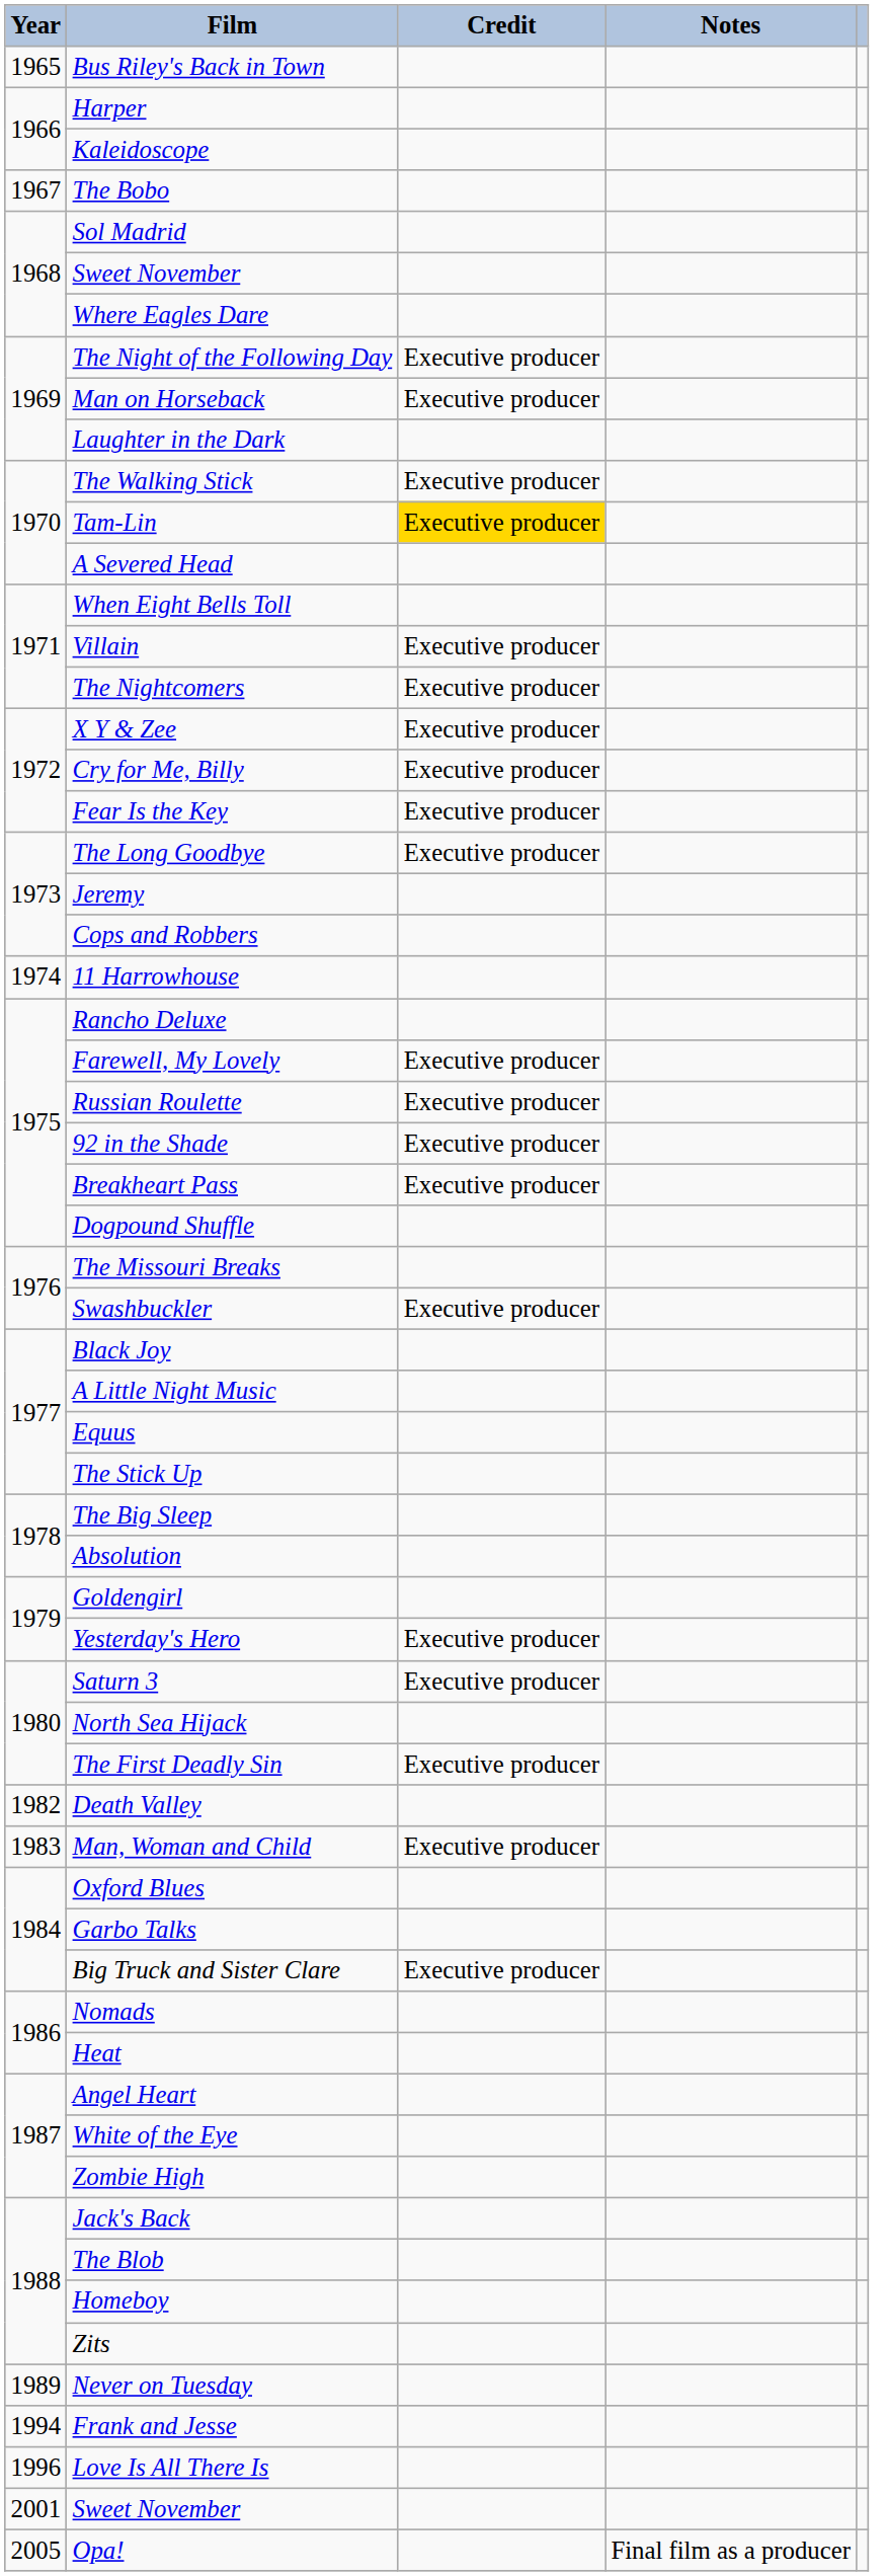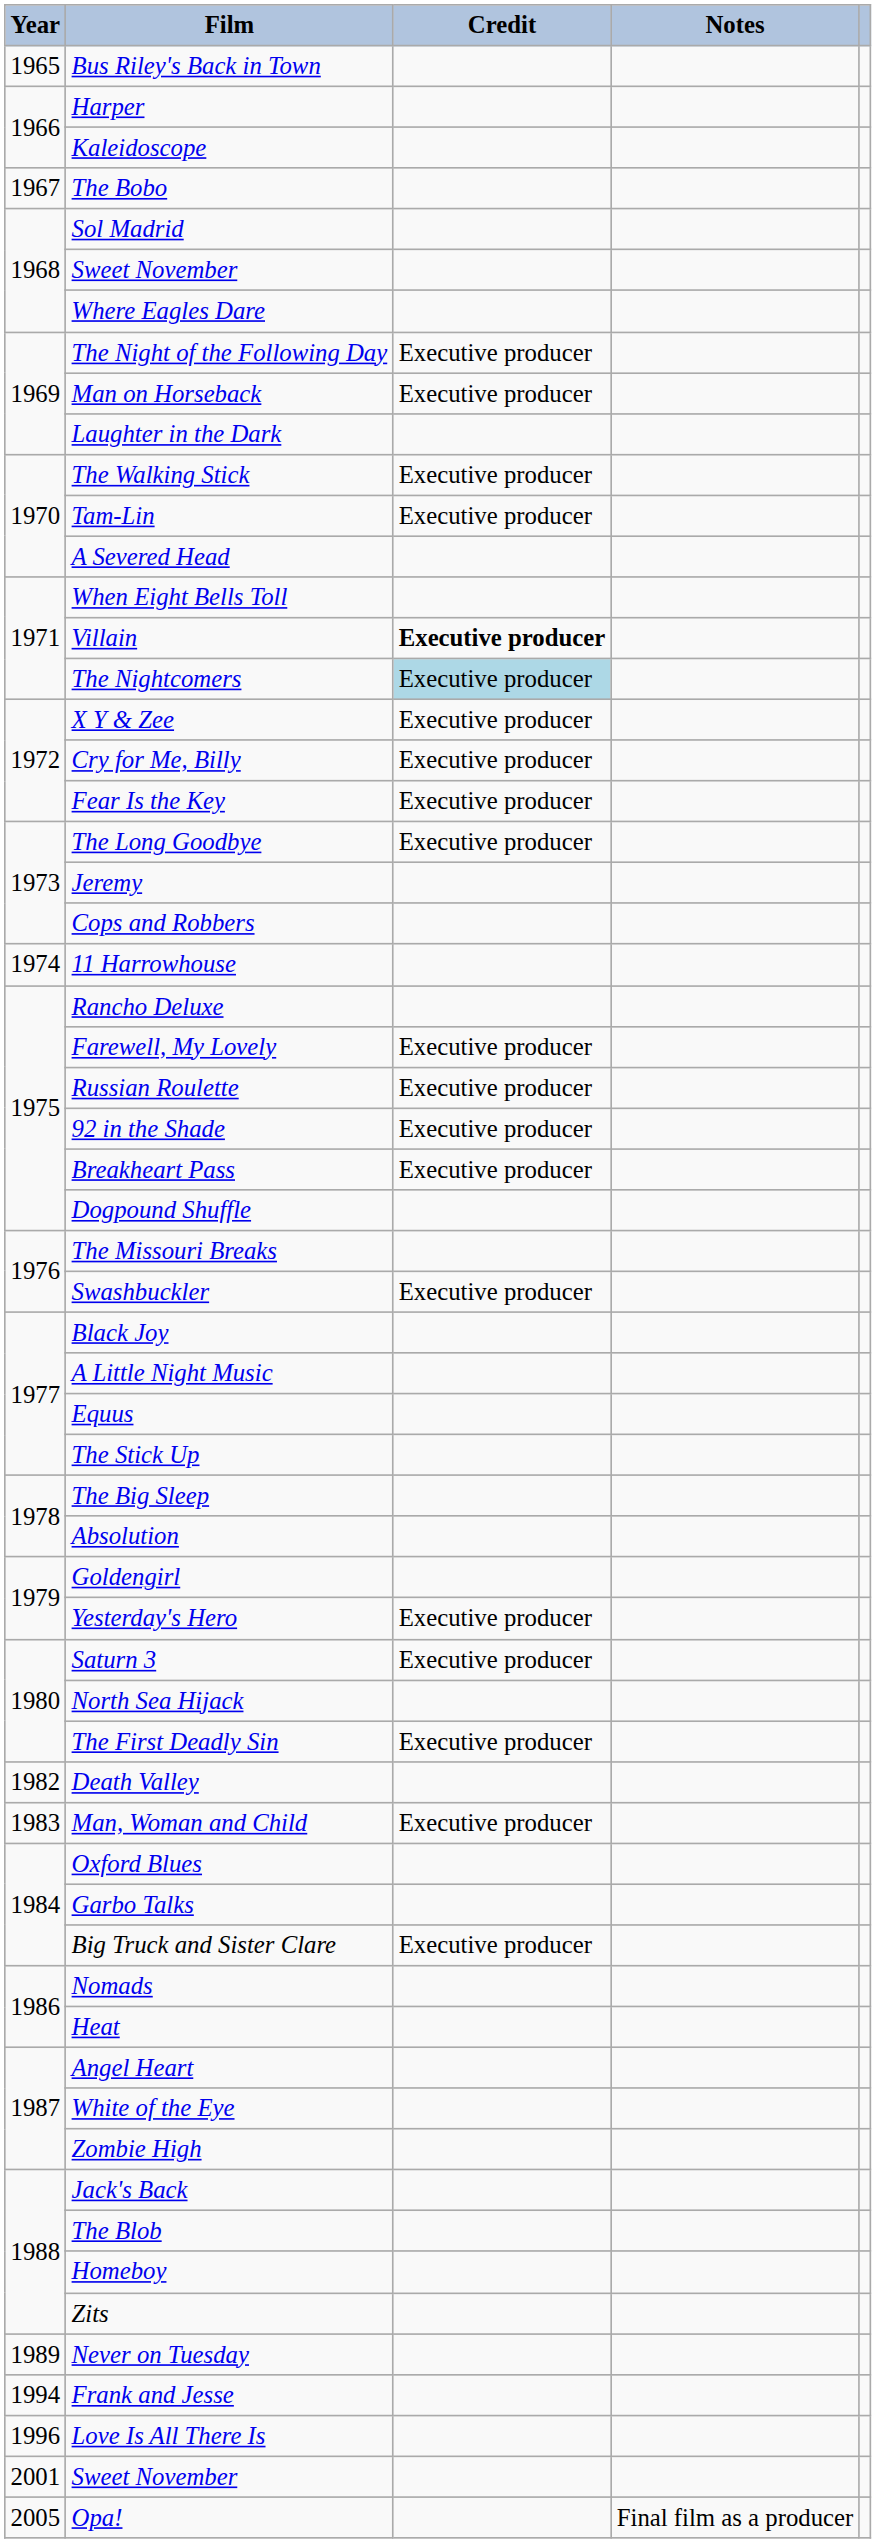 <table class="wikitable" style="font-size:95%;">
 <tr>
 <th style="background:#B0C4DE;">Year</th>
 <th style="background:#B0C4DE;">Film</th>
 <th style="background:#B0C4DE;">Credit</th>
 <th style="background:#B0C4DE;">Notes</th>
 <th style="background:#B0C4DE;"></th>
 </tr>
 <tr>
 <td>1965</td>
 <td><em><a href='#'>Bus Riley's Back in Town</a></em></td>
 <td></td>
 <td></td>
 <td></td>
 </tr>
 <tr>
 <td rowspan=2>1966</td>
 <td><em><a href='#'>Harper</a></em></td>
 <td></td>
 <td></td>
 <td></td>
 </tr>
 <tr>
 <td><em><a href='#'>Kaleidoscope</a></em></td>
 <td></td>
 <td></td>
 <td></td>
 </tr>
 <tr>
 <td>1967</td>
 <td><em><a href='#'>The Bobo</a></em></td>
 <td></td>
 <td></td>
 <td></td>
 </tr>
 <tr>
 <td rowspan=3>1968</td>
 <td><em><a href='#'>Sol Madrid</a></em></td>
 <td></td>
 <td></td>
 <td></td>
 </tr>
 <tr>
 <td><em><a href='#'>Sweet November</a></em></td>
 <td></td>
 <td></td>
 <td></td>
 </tr>
 <tr>
 <td><em><a href='#'>Where Eagles Dare</a></em></td>
 <td></td>
 <td></td>
 <td></td>
 </tr>
 <tr>
 <td rowspan=3>1969</td>
 <td><em><a href='#'>The Night of the Following Day</a></em></td>
 <td>Executive producer</td>
 <td></td>
 <td></td>
 </tr>
 <tr>
 <td><em><a href='#'>Man on Horseback</a></em></td>
 <td>Executive producer</td>
 <td></td>
 <td></td>
 </tr>
 <tr>
 <td><em><a href='#'>Laughter in the Dark</a></em></td>
 <td></td>
 <td></td>
 <td></td>
 </tr>
 <tr>
 <td rowspan=3>1970</td>
 <td><em><a href='#'>The Walking Stick</a></em></td>
 <td>Executive producer</td>
 <td></td>
 <td></td>
 </tr>
 <tr>
 <td><em><a href='#'>Tam-Lin</a></em></td>
-<td style="background: gold;">Executive producer</td>
+<td>Executive producer</td>
 <td></td>
 <td></td>
 </tr>
 <tr>
 <td><em><a href='#'>A Severed Head</a></em></td>
 <td></td>
 <td></td>
 <td></td>
 </tr>
 <tr>
 <td rowspan=3>1971</td>
 <td><em><a href='#'>When Eight Bells Toll</a></em></td>
 <td></td>
 <td></td>
 <td></td>
 </tr>
 <tr>
 <td><em><a href='#'>Villain</a></em></td>
-<td>Executive producer</td>
+<td><strong>Executive producer</strong></td>
 <td></td>
 <td></td>
 </tr>
 <tr>
 <td><em><a href='#'>The Nightcomers</a></em></td>
-<td>Executive producer</td>
+<td style="background: lightblue;">Executive producer</td>
 <td></td>
 <td></td>
 </tr>
 <tr>
 <td rowspan=3>1972</td>
 <td><em><a href='#'>X Y & Zee</a></em></td>
 <td>Executive producer</td>
 <td></td>
 <td></td>
 </tr>
 <tr>
 <td><em><a href='#'>Cry for Me, Billy</a></em></td>
 <td>Executive producer</td>
 <td></td>
 <td></td>
 </tr>
 <tr>
 <td><em><a href='#'>Fear Is the Key</a></em></td>
 <td>Executive producer</td>
 <td></td>
 <td></td>
 </tr>
 <tr>
 <td rowspan=3>1973</td>
 <td><em><a href='#'>The Long Goodbye</a></em></td>
 <td>Executive producer</td>
 <td></td>
 <td></td>
 </tr>
 <tr>
 <td><em><a href='#'>Jeremy</a></em></td>
 <td></td>
 <td></td>
 <td></td>
 </tr>
 <tr>
 <td><em><a href='#'>Cops and Robbers</a></em></td>
 <td></td>
 <td></td>
 <td></td>
 </tr>
 <tr>
 <td>1974</td>
 <td><em><a href='#'>11 Harrowhouse</a></em></td>
 <td></td>
 <td></td>
 <td></td>
 </tr>
 <tr>
 <td rowspan=6>1975</td>
 <td><em><a href='#'>Rancho Deluxe</a></em></td>
 <td></td>
 <td></td>
 <td></td>
 </tr>
 <tr>
 <td><em><a href='#'>Farewell, My Lovely</a></em></td>
 <td>Executive producer</td>
 <td></td>
 <td></td>
 </tr>
 <tr>
 <td><em><a href='#'>Russian Roulette</a></em></td>
 <td>Executive producer</td>
 <td></td>
 <td></td>
 </tr>
 <tr>
 <td><em><a href='#'>92 in the Shade</a></em></td>
 <td>Executive producer</td>
 <td></td>
 <td></td>
 </tr>
 <tr>
 <td><em><a href='#'>Breakheart Pass</a></em></td>
 <td>Executive producer</td>
 <td></td>
 <td></td>
 </tr>
 <tr>
 <td><em><a href='#'>Dogpound Shuffle</a></em></td>
 <td></td>
 <td></td>
 <td></td>
 </tr>
 <tr>
 <td rowspan=2>1976</td>
 <td><em><a href='#'>The Missouri Breaks</a></em></td>
 <td></td>
 <td></td>
 <td></td>
 </tr>
 <tr>
 <td><em><a href='#'>Swashbuckler</a></em></td>
 <td>Executive producer</td>
 <td></td>
 <td></td>
 </tr>
 <tr>
 <td rowspan=4>1977</td>
 <td><em><a href='#'>Black Joy</a></em></td>
 <td></td>
 <td></td>
 <td></td>
 </tr>
 <tr>
 <td><em><a href='#'>A Little Night Music</a></em></td>
 <td></td>
 <td></td>
 <td></td>
 </tr>
 <tr>
 <td><em><a href='#'>Equus</a></em></td>
 <td></td>
 <td></td>
 <td></td>
 </tr>
 <tr>
 <td><em><a href='#'>The Stick Up</a></em></td>
 <td></td>
 <td></td>
 <td></td>
 </tr>
 <tr>
 <td rowspan=2>1978</td>
 <td><em><a href='#'>The Big Sleep</a></em></td>
 <td></td>
 <td></td>
 <td></td>
 </tr>
 <tr>
 <td><em><a href='#'>Absolution</a></em></td>
 <td></td>
 <td></td>
 <td></td>
 </tr>
 <tr>
 <td rowspan=2>1979</td>
 <td><em><a href='#'>Goldengirl</a></em></td>
 <td></td>
 <td></td>
 <td></td>
 </tr>
 <tr>
 <td><em><a href='#'>Yesterday's Hero</a></em></td>
 <td>Executive producer</td>
 <td></td>
 <td></td>
 </tr>
 <tr>
 <td rowspan=3>1980</td>
 <td><em><a href='#'>Saturn 3</a></em></td>
 <td>Executive producer</td>
 <td></td>
 <td></td>
 </tr>
 <tr>
 <td><em><a href='#'>North Sea Hijack</a></em></td>
 <td></td>
 <td></td>
 <td></td>
 </tr>
 <tr>
 <td><em><a href='#'>The First Deadly Sin</a></em></td>
 <td>Executive producer</td>
 <td></td>
 <td></td>
 </tr>
 <tr>
 <td>1982</td>
 <td><em><a href='#'>Death Valley</a></em></td>
 <td></td>
 <td></td>
 <td></td>
 </tr>
 <tr>
 <td>1983</td>
 <td><em><a href='#'>Man, Woman and Child</a></em></td>
 <td>Executive producer</td>
 <td></td>
 <td></td>
 </tr>
 <tr>
 <td rowspan=3>1984</td>
 <td><em><a href='#'>Oxford Blues</a></em></td>
 <td></td>
 <td></td>
 <td></td>
 </tr>
 <tr>
 <td><em><a href='#'>Garbo Talks</a></em></td>
 <td></td>
 <td></td>
 <td></td>
 </tr>
 <tr>
 <td><em>Big Truck and Sister Clare</em></td>
 <td>Executive producer</td>
 <td></td>
 <td></td>
 </tr>
 <tr>
 <td rowspan=2>1986</td>
 <td><em><a href='#'>Nomads</a></em></td>
 <td></td>
 <td></td>
 <td></td>
 </tr>
 <tr>
 <td><em><a href='#'>Heat</a></em></td>
 <td></td>
 <td></td>
 <td></td>
 </tr>
 <tr>
 <td rowspan=3>1987</td>
 <td><em><a href='#'>Angel Heart</a></em></td>
 <td></td>
 <td></td>
 <td></td>
 </tr>
 <tr>
 <td><em><a href='#'>White of the Eye</a></em></td>
 <td></td>
 <td></td>
 <td></td>
 </tr>
 <tr>
 <td><em><a href='#'>Zombie High</a></em></td>
 <td></td>
 <td></td>
 <td></td>
 </tr>
 <tr>
 <td rowspan=4>1988</td>
 <td><em><a href='#'>Jack's Back</a></em></td>
 <td></td>
 <td></td>
 <td></td>
 </tr>
 <tr>
 <td><em><a href='#'>The Blob</a></em></td>
 <td></td>
 <td></td>
 <td></td>
 </tr>
 <tr>
 <td><em><a href='#'>Homeboy</a></em></td>
 <td></td>
 <td></td>
 <td></td>
 </tr>
 <tr>
 <td><em>Zits</em></td>
 <td></td>
 <td></td>
 <td></td>
 </tr>
 <tr>
 <td>1989</td>
 <td><em><a href='#'>Never on Tuesday</a></em></td>
 <td></td>
 <td></td>
 <td></td>
 </tr>
 <tr>
 <td>1994</td>
 <td><em><a href='#'>Frank and Jesse</a></em></td>
 <td></td>
 <td></td>
 <td></td>
 </tr>
 <tr>
 <td>1996</td>
 <td><em><a href='#'>Love Is All There Is</a></em></td>
 <td></td>
 <td></td>
 <td></td>
 </tr>
 <tr>
 <td>2001</td>
 <td><em><a href='#'>Sweet November</a></em></td>
 <td></td>
 <td></td>
 <td></td>
 </tr>
 <tr>
 <td>2005</td>
 <td><em><a href='#'>Opa!</a></em></td>
 <td></td>
 <td>Final film as a producer</td>
 <td></td>
 </tr>
 </table>
